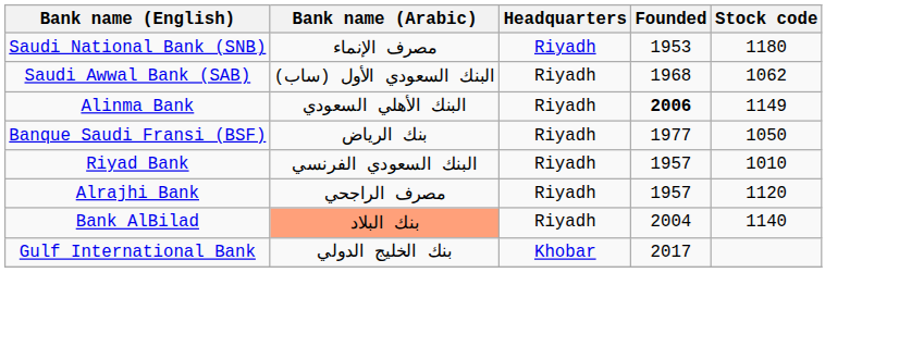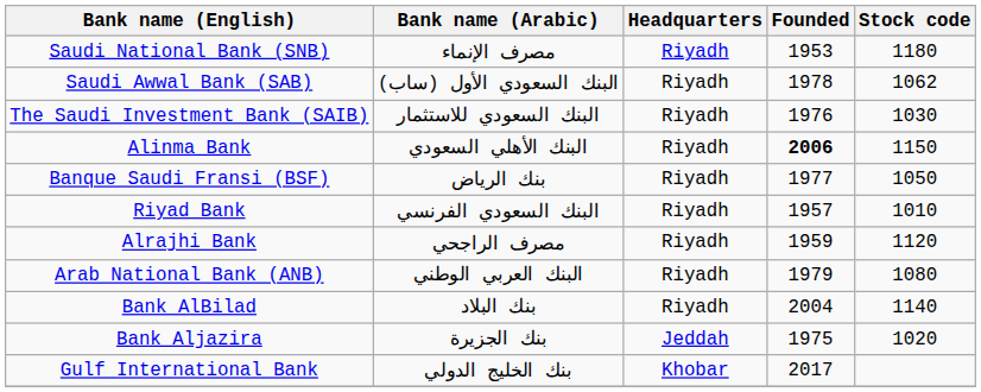 <table class="wikitable sortable static-row-numbers static-row-header-text" style="text-align:center">
 <tr>
 <th>Bank name (English)</th>
 <th>Bank name (Arabic)</th>
 <th>Headquarters</th>
 <th>Founded</th>
 <th>Stock code</th>
 </tr>
 <tr>
 <td><a href='#'> Saudi National Bank (SNB)</a></td>
 <td>مصرف الإنماء</td>
 <td><a href='#'>Riyadh</a></td>
 <td>1953</td>
 <td>1180</td>
 </tr>
 <tr>
 <td><a href='#'> Saudi Awwal Bank (SAB)</a></td>
 <td>البنك السعودي الأول (ساب)</td>
 <td>Riyadh</td>
-<td>1968</td>
+<td>1978</td>
 <td>1062</td>
+</tr>
+<tr>
+<td><a href='#'>The Saudi Investment Bank (SAIB)</a></td>
+<td>البنك السعودي للاستثمار</td>
+<td>Riyadh</td>
+<td>1976</td>
+<td>1030</td>
 </tr>
 <tr>
 <td><a href='#'>Alinma Bank</a></td>
 <td>البنك الأهلي السعودي</td>
 <td>Riyadh</td>
 <td><strong>2006</strong></td>
-<td>1149</td>
+<td>1150</td>
 </tr>
 <tr>
 <td><a href='#'> Banque Saudi Fransi (BSF)</a></td>
 <td>بنك الرياض</td>
 <td>Riyadh</td>
 <td>1977</td>
 <td>1050</td>
 </tr>
 <tr>
 <td><a href='#'>Riyad Bank</a></td>
 <td>البنك السعودي الفرنسي</td>
 <td>Riyadh</td>
 <td>1957</td>
 <td>1010</td>
 </tr>
 <tr>
 <td><a href='#'>Alrajhi Bank</a></td>
 <td>مصرف الراجحي</td>
 <td>Riyadh</td>
-<td>1957</td>
+<td>1959</td>
 <td>1120</td>
 </tr>
 <tr>
+<td><a href='#'> Arab National Bank (ANB)</a></td>
+<td>البنك العربي الوطني</td>
+<td>Riyadh</td>
+<td>1979</td>
+<td>1080</td>
+</tr>
+<tr>
 <td><a href='#'>Bank AlBilad</a></td>
-<td style="background: lightsalmon;">بنك البلاد</td>
+<td>بنك البلاد</td>
 <td>Riyadh</td>
 <td>2004</td>
 <td>1140</td>
+</tr>
+<tr>
+<td><a href='#'>Bank Aljazira</a></td>
+<td>بنك الجزيرة</td>
+<td><a href='#'>Jeddah</a></td>
+<td>1975</td>
+<td>1020</td>
 </tr>
 <tr>
 <td><a href='#'>Gulf International Bank</a></td>
 <td>بنك  الخليج الدولي</td>
 <td><a href='#'>Khobar</a></td>
 <td>2017</td>
 <td></td>
 </tr>
 <tr>
 </tr>
 </table>
